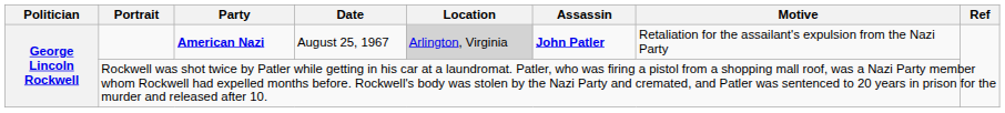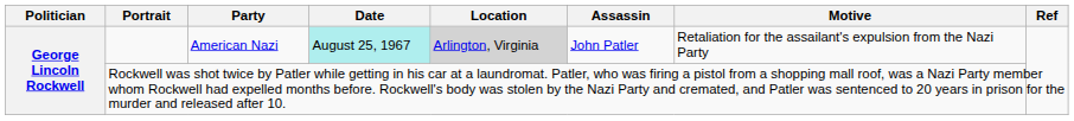 <table class="wikitable" style="width:100%;">
 <tr>
 <th>Politician</th>
 <th>Portrait</th>
 <th>Party</th>
 <th>Date</th>
 <th>Location</th>
 <th>Assassin</th>
 <th>Motive</th>
 <th>Ref</th>
 </tr>
 <tr>
 <th rowspan="2"><a href='#'>George Lincoln Rockwell</a></th>
 <td></td>
-<td><strong><a href='#'>American Nazi</a></strong></td>
-<td>August 25, 1967</td>
+<td><a href='#'>American Nazi</a></td>
+<td style="background: paleturquoise;">August 25, 1967</td>
 <td style="background: lightgrey;"><a href='#'>Arlington</a>, Virginia</td>
-<td><strong><a href='#'>John Patler</a></strong></td>
+<td><a href='#'>John Patler</a></td>
 <td>Retaliation for the assailant's expulsion from the Nazi Party</td>
 <td rowspan="2"></td>
 </tr>
 <tr class="expand-child">
 <td colspan="7">Rockwell was shot twice by Patler while getting in his car at a laundromat. Patler, who was firing a pistol from a shopping mall roof, was a Nazi Party member whom Rockwell had expelled months before. Rockwell's body was stolen by the Nazi Party and cremated, and Patler was sentenced to 20 years in prison for the murder and released after 10.</td>
 </tr>
 </table>
